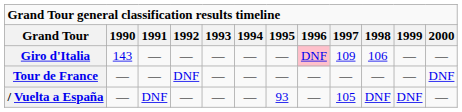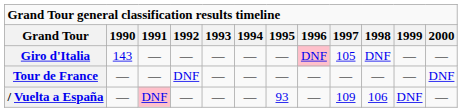 <table class="wikitable plainrowheaders">
 <tr>
 <td colspan=18 align="centre"><strong>Grand Tour general classification results timeline</strong></td>
 </tr>
 <tr>
 <th scope="col">Grand Tour</th>
 <th scope="col">1990</th>
 <th scope="col">1991</th>
 <th scope="col">1992</th>
 <th scope="col">1993</th>
 <th scope="col">1994</th>
 <th scope="col">1995</th>
 <th scope="col">1996</th>
 <th scope="col">1997</th>
 <th scope="col">1998</th>
 <th scope="col">1999</th>
 <th scope="col">2000</th>
 </tr>
 <tr style="text-align:center;">
 <th scope="row"> <a href='#'>Giro d'Italia</a></th>
 <td><a href='#'>143</a></td>
 <td>—</td>
 <td>—</td>
 <td>—</td>
 <td>—</td>
 <td>—</td>
 <td style="background: pink;"><a href='#'>DNF</a></td>
-<td><a href='#'>109</a></td>
-<td><a href='#'>106</a></td>
+<td><a href='#'>105</a></td>
+<td><a href='#'>DNF</a></td>
 <td>—</td>
 <td>—</td>
 </tr>
 <tr style="text-align:center;">
 <th scope="row"> <a href='#'>Tour de France</a></th>
 <td>—</td>
 <td>—</td>
 <td><a href='#'>DNF</a></td>
 <td>—</td>
 <td>—</td>
 <td>—</td>
 <td>—</td>
 <td>—</td>
 <td>—</td>
 <td>—</td>
 <td><a href='#'>DNF</a></td>
 </tr>
 <tr style="text-align:center;">
 <th scope="row">/ <a href='#'>Vuelta a España</a></th>
 <td>—</td>
-<td><a href='#'>DNF</a></td>
+<td style="background: pink;"><a href='#'>DNF</a></td>
 <td>—</td>
 <td>—</td>
 <td>—</td>
 <td><a href='#'>93</a></td>
 <td>—</td>
-<td><a href='#'>105</a></td>
-<td><a href='#'>DNF</a></td>
+<td><a href='#'>109</a></td>
+<td><a href='#'>106</a></td>
 <td><a href='#'>DNF</a></td>
 <td>—</td>
 </tr>
 </table>
